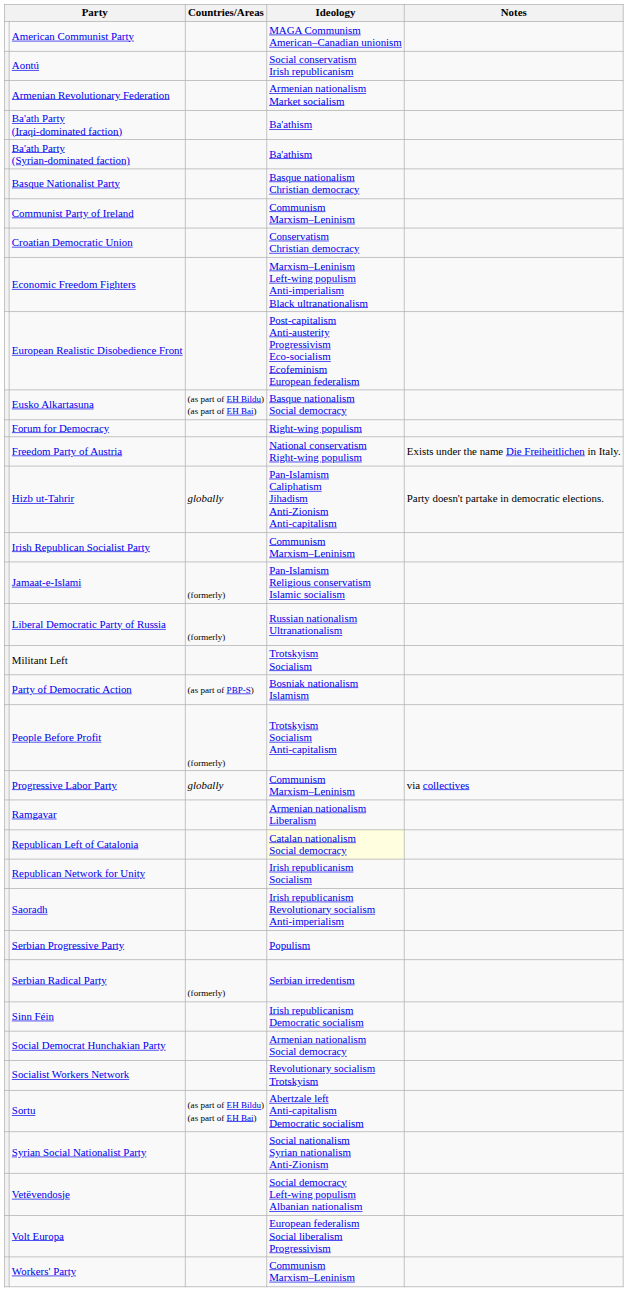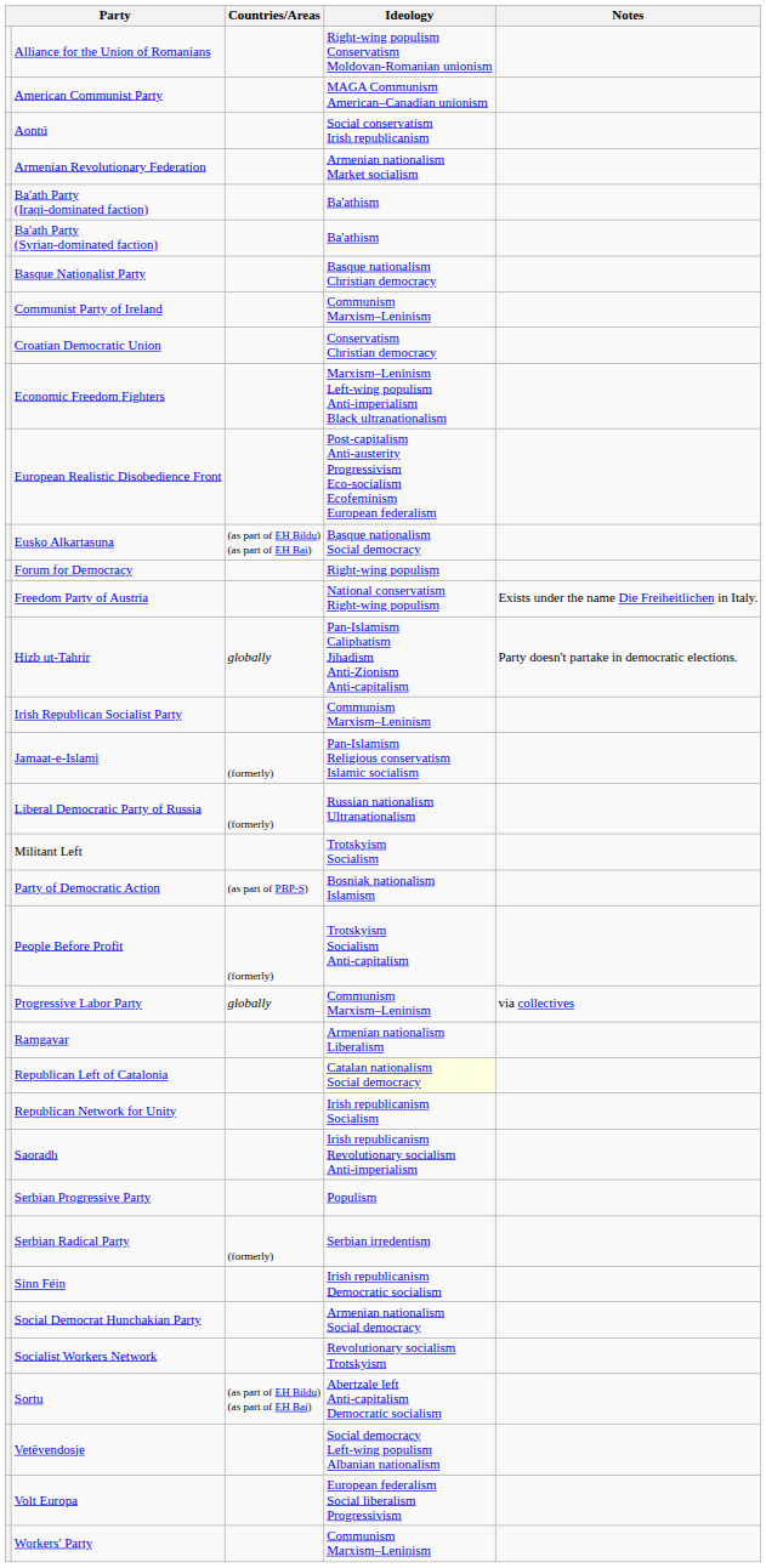 <table class="wikitable sortable">
 <tr>
 <th colspan="2">Party</th>
 <th>Countries/Areas</th>
 <th>Ideology</th>
 <th>Notes</th>
+</tr>
+<tr>
+<td bgcolor=></td>
+<td><a href='#'>Alliance for the Union of Romanians</a></td>
+<td><br></td>
+<td><a href='#'>Right-wing populism</a><br><a href='#'>Conservatism</a><br><a href='#'>Moldovan-Romanian unionism</a></td>
+<td></td>
 </tr>
 <tr>
 <td bgcolor=></td>
 <td><a href='#'>American Communist Party</a></td>
 <td><br></td>
 <td><a href='#'>MAGA Communism</a><br><a href='#'>American–Canadian unionism</a></td>
 </tr>
 <tr>
 <th style="background-color:"></th>
 <td><a href='#'>Aontú</a></td>
 <td><br></td>
 <td><a href='#'>Social conservatism</a><br><a href='#'>Irish republicanism</a></td>
 <td></td>
 </tr>
 <tr>
 <th style="background-color:"></th>
 <td><a href='#'>Armenian Revolutionary Federation</a></td>
 <td><br></td>
 <td><a href='#'>Armenian nationalism</a><br><a href='#'>Market socialism</a></td>
 <td></td>
 </tr>
 <tr>
 <th style="background-color:"></th>
 <td><a href='#'>Ba'ath Party<br>(Iraqi-dominated faction)</a></td>
 <td></td>
 <td><a href='#'>Ba'athism</a></td>
 <td></td>
 </tr>
 <tr>
 <th style="background-color:"></th>
 <td><a href='#'>Ba'ath Party<br>(Syrian-dominated faction)</a></td>
 <td></td>
 <td><a href='#'>Ba'athism</a></td>
 <td></td>
 </tr>
 <tr>
 <th style="background-color:"></th>
 <td><a href='#'>Basque Nationalist Party</a></td>
 <td><br></td>
 <td><a href='#'>Basque nationalism</a><br><a href='#'>Christian democracy</a></td>
 <td></td>
 </tr>
 <tr>
 <th style="background-color:"></th>
 <td><a href='#'>Communist Party of Ireland</a></td>
 <td><br></td>
 <td><a href='#'>Communism</a><br><a href='#'>Marxism–Leninism</a></td>
 <td></td>
 </tr>
 <tr>
 <th style="background-color:"></th>
 <td><a href='#'>Croatian Democratic Union</a></td>
 <td><br></td>
 <td><a href='#'>Conservatism</a><br><a href='#'>Christian democracy</a></td>
 <td></td>
 </tr>
 <tr>
 <th style="background-color:"></th>
 <td><a href='#'>Economic Freedom Fighters</a></td>
 <td><br><br><br></td>
 <td><a href='#'>Marxism–Leninism</a><br><a href='#'>Left-wing populism</a><br><a href='#'>Anti-imperialism</a><br><a href='#'>Black ultranationalism</a></td>
 <td></td>
 </tr>
 <tr>
 <td bgcolor=></td>
 <td><a href='#'>European Realistic Disobedience Front</a></td>
 <td><br><br><br></td>
 <td><a href='#'>Post-capitalism</a><br><a href='#'>Anti-austerity</a><br><a href='#'>Progressivism</a><br><a href='#'>Eco-socialism</a><br><a href='#'>Ecofeminism</a><br><a href='#'>European federalism</a></td>
 <td></td>
 </tr>
 <tr>
 <th style="background-color:"></th>
 <td><a href='#'>Eusko Alkartasuna</a></td>
 <td> <small>(as part of <a href='#'>EH Bildu</a>)</small><br> <small>(as part of <a href='#'>EH Bai</a>)</small></td>
 <td><a href='#'>Basque nationalism</a><br><a href='#'>Social democracy</a></td>
 <td></td>
 </tr>
 <tr>
 <th style="background-color:"></th>
 <td><a href='#'>Forum for Democracy</a></td>
 <td><br></td>
 <td><a href='#'>Right-wing populism</a></td>
 <td></td>
 </tr>
 <tr>
 <th style="background-color:"></th>
 <td><a href='#'>Freedom Party of Austria</a></td>
 <td><br></td>
 <td><a href='#'>National conservatism</a><br><a href='#'>Right-wing populism</a></td>
 <td>Exists under the name <a href='#'>Die Freiheitlichen</a> in Italy.</td>
 </tr>
 <tr>
 <th style="background-color:"></th>
 <td><a href='#'>Hizb ut-Tahrir</a></td>
 <td><em>globally</em></td>
 <td><a href='#'>Pan-Islamism</a><br><a href='#'>Caliphatism</a><br><a href='#'>Jihadism</a><br><a href='#'>Anti-Zionism</a><br><a href='#'>Anti-capitalism</a></td>
 <td>Party doesn't partake in democratic elections.</td>
 </tr>
 <tr>
 <th style="background-color:"></th>
 <td><a href='#'>Irish Republican Socialist Party</a></td>
 <td><br></td>
 <td><a href='#'>Communism</a><br><a href='#'>Marxism–Leninism</a></td>
 <td></td>
 </tr>
 <tr>
 <th style="background-color:"></th>
 <td><a href='#'>Jamaat-e-Islami</a></td>
 <td><br><br> <small>(formerly)</small></td>
 <td><a href='#'>Pan-Islamism</a><br><a href='#'>Religious conservatism</a><br><a href='#'>Islamic socialism</a></td>
 <td></td>
 </tr>
 <tr>
 <th style="background-color:"></th>
 <td><a href='#'>Liberal Democratic Party of Russia</a></td>
 <td><br><br> <small>(formerly)</small></td>
 <td><a href='#'>Russian nationalism</a><br><a href='#'>Ultranationalism</a></td>
 <td></td>
 </tr>
 <tr>
 <th style="background-color:"></th>
 <td>Militant Left</td>
 <td><br></td>
 <td><a href='#'>Trotskyism</a><br><a href='#'>Socialism</a></td>
 <td></td>
 </tr>
 <tr>
 <th style="background-color:"></th>
 <td><a href='#'>Party of Democratic Action</a></td>
 <td> <small>(as part of <a href='#'>PBP-S</a>)</small><br></td>
 <td><a href='#'>Bosniak nationalism</a><br><a href='#'>Islamism</a></td>
 <td></td>
 </tr>
 <tr>
 <th style="background-color:"></th>
 <td><a href='#'>People Before Profit</a></td>
 <td><br><br><br><br> <small>(formerly)</small></td>
 <td><a href='#'>Trotskyism</a><br><a href='#'>Socialism</a><br><a href='#'>Anti-capitalism</a></td>
 <td></td>
 </tr>
 <tr>
 <th style="background-color:"></th>
 <td><a href='#'>Progressive Labor Party</a></td>
 <td><em>globally</em></td>
 <td><a href='#'>Communism</a><br><a href='#'>Marxism–Leninism</a></td>
 <td>via <a href='#'>collectives</a></td>
 </tr>
 <tr>
 <th style="background-color:"></th>
 <td><a href='#'>Ramgavar</a></td>
 <td><br></td>
 <td><a href='#'>Armenian nationalism</a><br><a href='#'>Liberalism</a></td>
 <td></td>
 </tr>
 <tr>
 <th style="background-color:"></th>
 <td><a href='#'>Republican Left of Catalonia</a></td>
 <td><br></td>
 <td style="background: lightyellow;"><a href='#'>Catalan nationalism</a><br><a href='#'>Social democracy</a></td>
 <td></td>
 </tr>
 <tr>
 <th style="background-color:"></th>
 <td><a href='#'>Republican Network for Unity</a></td>
 <td><br></td>
 <td><a href='#'>Irish republicanism</a><br><a href='#'>Socialism</a></td>
 <td></td>
 </tr>
 <tr>
 <th style="background-color:"></th>
 <td><a href='#'>Saoradh</a></td>
 <td><br></td>
 <td><a href='#'>Irish republicanism</a><br><a href='#'>Revolutionary socialism</a><br><a href='#'>Anti-imperialism</a></td>
 <td></td>
 </tr>
 <tr>
 <th style="background-color:"></th>
 <td><a href='#'>Serbian Progressive Party</a></td>
 <td><br><br></td>
 <td><a href='#'>Populism</a></td>
 <td></td>
 </tr>
 <tr>
 <th style="background-color:"></th>
 <td><a href='#'>Serbian Radical Party</a></td>
 <td><br><br> <small>(formerly)</small></td>
 <td><a href='#'>Serbian irredentism</a></td>
 <td></td>
 </tr>
 <tr>
 <th style="background-color:"></th>
 <td><a href='#'>Sinn Féin</a></td>
 <td><br></td>
 <td><a href='#'>Irish republicanism</a><br><a href='#'>Democratic socialism</a></td>
 <td></td>
 </tr>
 <tr>
 <th style="background-color:"></th>
 <td><a href='#'>Social Democrat Hunchakian Party</a></td>
 <td><br></td>
 <td><a href='#'>Armenian nationalism</a><br><a href='#'>Social democracy</a></td>
 <td></td>
 </tr>
 <tr>
 <th style="background-color:"></th>
 <td><a href='#'>Socialist Workers Network</a></td>
 <td><br></td>
 <td><a href='#'>Revolutionary socialism</a><br><a href='#'>Trotskyism</a></td>
 <td></td>
 </tr>
 <tr>
 <th style="background-color:"></th>
 <td><a href='#'>Sortu</a></td>
 <td> <small>(as part of <a href='#'>EH Bildu</a>)</small><br> <small>(as part of <a href='#'>EH Bai</a>)</small></td>
 <td><a href='#'>Abertzale left</a><br><a href='#'>Anti-capitalism</a><br><a href='#'>Democratic socialism</a></td>
 <td></td>
 </tr>
 <tr>
 <th style="background-color:"></th>
-<td><a href='#'>Syrian Social Nationalist Party</a></td>
-<td><br></td>
-<td><a href='#'>Social nationalism</a><br><a href='#'>Syrian nationalism</a><br><a href='#'>Anti-Zionism</a></td>
-<td></td>
-</tr>
-<tr>
-<th style="background-color:"></th>
 <td><a href='#'>Vetëvendosje</a></td>
 <td><br></td>
 <td><a href='#'>Social democracy</a><br><a href='#'>Left-wing populism</a><br><a href='#'>Albanian nationalism</a></td>
 <td></td>
 </tr>
 <tr>
 <th style="background-color:"></th>
 <td><a href='#'>Volt Europa</a></td>
 <td></td>
 <td><a href='#'>European federalism</a><br><a href='#'>Social liberalism</a><br><a href='#'>Progressivism</a></td>
 <td></td>
 </tr>
 <tr>
 <th style="background-color:"></th>
 <td><a href='#'>Workers' Party</a></td>
 <td><br></td>
 <td><a href='#'>Communism</a><br><a href='#'>Marxism–Leninism</a></td>
 <td></td>
 </tr>
 </table>
